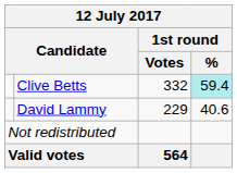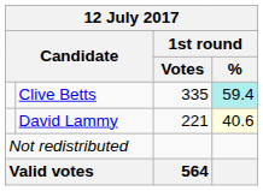 <table class="wikitable" style="min-width:250px;">
 <tr>
 <th colspan="4">12 July 2017</th>
 </tr>
 <tr>
 <th colspan="2" rowspan="2">Candidate</th>
 <th colspan="2">1st round</th>
 </tr>
 <tr>
 <th>Votes</th>
 <th>%</th>
 </tr>
 <tr>
 <td style="color:inherit;background-color: "></td>
 <td><a href='#'>Clive Betts</a></td>
-<td align="right">332</td>
+<td align="right">335</td>
 <td align="right" style="background: paleturquoise;">59.4</td>
 </tr>
 <tr>
 <td style="color:inherit;background-color: "></td>
 <td><a href='#'>David Lammy</a></td>
-<td align="right">229</td>
-<td align="right">40.6</td>
+<td align="right">221</td>
+<td align="right" style="background: lightyellow;">40.6</td>
 </tr>
 <tr>
 <td colspan="2"><em>Not redistributed</em></td>
 <td align="right"></td>
 <td align="right"></td>
 </tr>
 <tr>
 <th style="text-align:left;" colspan="2"><strong>Valid votes</strong></th>
 <th style="text-align:right;">564</th>
 <th style="text-align:right;"></th>
 </tr>
 </table>
